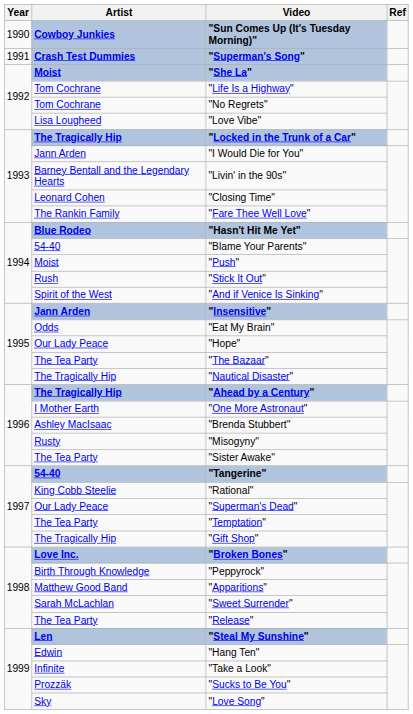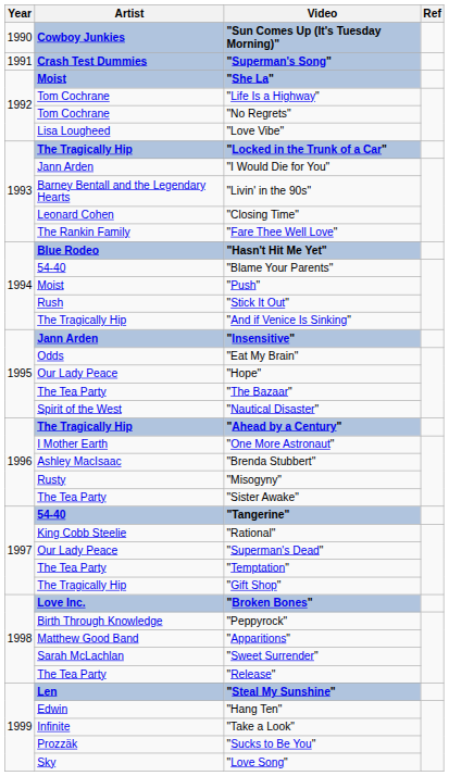 <table class="wikitable" width=50%>
 <tr>
 <th>Year</th>
 <th>Artist</th>
 <th>Video</th>
 <th>Ref</th>
 </tr>
 <tr>
 <td>1990</td>
 <td style="background:#B0C4DE;"><strong><a href='#'>Cowboy Junkies</a></strong></td>
 <td style="background:#B0C4DE;"><strong>"Sun Comes Up (It's Tuesday Morning)"</strong></td>
 <td></td>
 </tr>
 <tr>
 <td>1991</td>
 <td style="background:#B0C4DE;"><strong><a href='#'>Crash Test Dummies</a></strong></td>
 <td style="background:#B0C4DE;"><strong>"<a href='#'>Superman's Song</a>"</strong></td>
 <td></td>
 </tr>
 <tr>
 <td rowspan=4>1992</td>
 <td style="background:#B0C4DE;"><strong><a href='#'>Moist</a></strong></td>
 <td style="background:#B0C4DE;"><strong>"<a href='#'>She La</a>"</strong></td>
 <td></td>
 </tr>
 <tr>
 <td><a href='#'>Tom Cochrane</a></td>
 <td>"<a href='#'>Life Is a Highway</a>"</td>
 <td rowspan=3></td>
 </tr>
 <tr>
 <td><a href='#'>Tom Cochrane</a></td>
 <td>"No Regrets"</td>
 </tr>
 <tr>
 <td><a href='#'>Lisa Lougheed</a></td>
 <td>"Love Vibe"</td>
 </tr>
 <tr>
 <td rowspan=5>1993</td>
 <td style="background:#B0C4DE;"><strong><a href='#'>The Tragically Hip</a></strong></td>
 <td style="background:#B0C4DE;"><strong>"<a href='#'>Locked in the Trunk of a Car</a>"</strong></td>
 <td></td>
 </tr>
 <tr>
 <td><a href='#'>Jann Arden</a></td>
 <td>"I Would Die for You"</td>
 <td rowspan=4></td>
 </tr>
 <tr>
 <td><a href='#'>Barney Bentall and the Legendary Hearts</a></td>
 <td>"Livin' in the 90s"</td>
 </tr>
 <tr>
 <td><a href='#'>Leonard Cohen</a></td>
 <td>"Closing Time"</td>
 </tr>
 <tr>
 <td><a href='#'>The Rankin Family</a></td>
 <td>"<a href='#'>Fare Thee Well Love</a>"</td>
 </tr>
 <tr>
 <td rowspan=5>1994</td>
 <td style="background:#B0C4DE;"><strong><a href='#'>Blue Rodeo</a></strong></td>
 <td style="background:#B0C4DE;"><strong>"Hasn't Hit Me Yet"</strong></td>
 <td></td>
 </tr>
 <tr>
 <td><a href='#'>54-40</a></td>
 <td>"Blame Your Parents"</td>
 <td rowspan=4></td>
 </tr>
 <tr>
 <td><a href='#'>Moist</a></td>
 <td>"<a href='#'>Push</a>"</td>
 </tr>
 <tr>
 <td><a href='#'>Rush</a></td>
 <td>"<a href='#'>Stick It Out</a>"</td>
 </tr>
 <tr>
-<td><a href='#'>Spirit of the West</a></td>
+<td><a href='#'>The Tragically Hip</a></td>
 <td>"<a href='#'>And if Venice Is Sinking</a>"</td>
 </tr>
 <tr>
 <td rowspan=5>1995</td>
 <td style="background:#B0C4DE;"><strong><a href='#'>Jann Arden</a></strong></td>
 <td style="background:#B0C4DE;"><strong>"<a href='#'>Insensitive</a>"</strong></td>
 <td></td>
 </tr>
 <tr>
 <td><a href='#'>Odds</a></td>
 <td>"Eat My Brain"</td>
 <td rowspan=4></td>
 </tr>
 <tr>
 <td><a href='#'>Our Lady Peace</a></td>
 <td>"Hope"</td>
 </tr>
 <tr>
 <td><a href='#'>The Tea Party</a></td>
 <td>"<a href='#'>The Bazaar</a>"</td>
 </tr>
 <tr>
-<td><a href='#'>The Tragically Hip</a></td>
+<td><a href='#'>Spirit of the West</a></td>
 <td>"<a href='#'>Nautical Disaster</a>"</td>
 </tr>
 <tr>
 <td rowspan=5>1996</td>
 <td style="background:#B0C4DE;"><strong><a href='#'>The Tragically Hip</a></strong></td>
 <td style="background:#B0C4DE;"><strong>"<a href='#'>Ahead by a Century</a>"</strong></td>
 <td></td>
 </tr>
 <tr>
 <td><a href='#'>I Mother Earth</a></td>
 <td>"<a href='#'>One More Astronaut</a>"</td>
 <td rowspan=4></td>
 </tr>
 <tr>
 <td><a href='#'>Ashley MacIsaac</a></td>
 <td>"Brenda Stubbert"</td>
 </tr>
 <tr>
 <td><a href='#'>Rusty</a></td>
 <td>"Misogyny"</td>
 </tr>
 <tr>
 <td><a href='#'>The Tea Party</a></td>
 <td>"Sister Awake"</td>
 </tr>
 <tr>
 <td rowspan=5>1997</td>
 <td style="background:#B0C4DE;"><strong><a href='#'>54-40</a></strong></td>
 <td style="background:#B0C4DE;"><strong>"Tangerine"</strong></td>
 <td></td>
 </tr>
 <tr>
 <td><a href='#'>King Cobb Steelie</a></td>
 <td>"Rational"</td>
 <td rowspan=4></td>
 </tr>
 <tr>
 <td><a href='#'>Our Lady Peace</a></td>
 <td>"<a href='#'>Superman's Dead</a>"</td>
 </tr>
 <tr>
 <td><a href='#'>The Tea Party</a></td>
 <td>"<a href='#'>Temptation</a>"</td>
 </tr>
 <tr>
 <td><a href='#'>The Tragically Hip</a></td>
 <td>"<a href='#'>Gift Shop</a>"</td>
 </tr>
 <tr>
 <td rowspan=5>1998</td>
 <td style="background:#B0C4DE;"><strong><a href='#'>Love Inc.</a></strong></td>
 <td style="background:#B0C4DE;"><strong>"<a href='#'>Broken Bones</a>"</strong></td>
 <td></td>
 </tr>
 <tr>
 <td><a href='#'>Birth Through Knowledge</a></td>
 <td>"Peppyrock"</td>
 <td rowspan=4></td>
 </tr>
 <tr>
 <td><a href='#'>Matthew Good Band</a></td>
 <td>"<a href='#'>Apparitions</a>"</td>
 </tr>
 <tr>
 <td><a href='#'>Sarah McLachlan</a></td>
 <td>"<a href='#'>Sweet Surrender</a>"</td>
 </tr>
 <tr>
 <td><a href='#'>The Tea Party</a></td>
 <td>"<a href='#'>Release</a>"</td>
 </tr>
 <tr>
 <td rowspan=5>1999</td>
 <td style="background:#B0C4DE;"><strong><a href='#'>Len</a></strong></td>
 <td style="background:#B0C4DE;"><strong>"<a href='#'>Steal My Sunshine</a>"</strong></td>
 <td></td>
 </tr>
 <tr>
 <td><a href='#'>Edwin</a></td>
 <td>"Hang Ten"</td>
 <td rowspan=4></td>
 </tr>
 <tr>
 <td><a href='#'>Infinite</a></td>
 <td>"Take a Look"</td>
 </tr>
 <tr>
 <td><a href='#'>Prozzäk</a></td>
 <td>"<a href='#'>Sucks to Be You</a>"</td>
 </tr>
 <tr>
 <td><a href='#'>Sky</a></td>
 <td>"<a href='#'>Love Song</a>"</td>
 </tr>
 </table>
